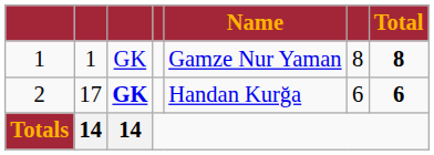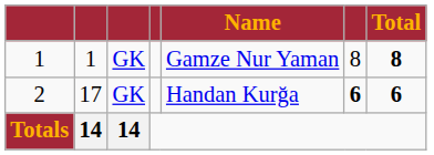 <table class="wikitable" style="text-align:center">
 <tr>
 <th style="background:#A32638; color:#FFB300; "></th>
 <th style="background:#A32638; color:#FFB300; "></th>
 <th style="background:#A32638; color:#FFB300; "></th>
 <th style="background:#A32638; color:#FFB300; "></th>
 <th style="background:#A32638; color:#FFB300; ">Name</th>
 <th style="background:#A32638; color:#FFB300; "></th>
 <th style="background:#A32638; color:#FFB300; ">Total</th>
 </tr>
 <tr>
 <td>1</td>
 <td>1</td>
 <td><a href='#'>GK</a></td>
 <td></td>
 <td align=left><a href='#'>Gamze Nur Yaman</a></td>
 <td>8</td>
 <td><strong>8</strong></td>
 </tr>
 <tr>
 <td>2</td>
 <td>17</td>
-<td><strong><a href='#'>GK</a></strong></td>
+<td><a href='#'>GK</a></td>
 <td></td>
 <td align=left><a href='#'>Handan Kurğa</a></td>
-<td>6</td>
+<td><strong>6</strong></td>
 <td><strong>6</strong></td>
 </tr>
 <tr>
 <td style="background:#A32638; color:#FFB300; "><strong>Totals</strong></td>
 <th><strong>14</strong></th>
 <th><strong>14</strong></th>
 </tr>
 </table>
